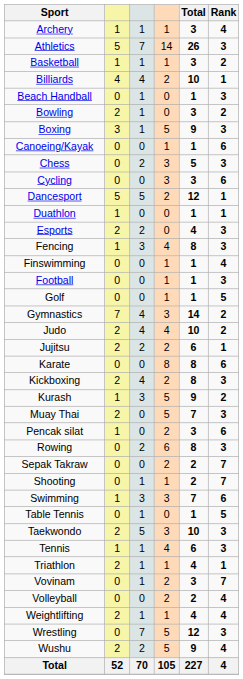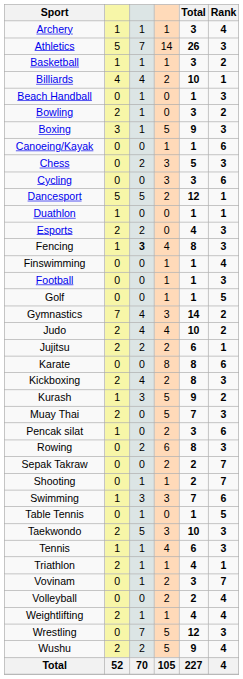 <table class="wikitable sortable" style="font-size:100%; text-align:center">
 <tr>
 <th width=145>Sport</th>
 <th scope="col" width=30 style="background:#F7F6A8;"></th>
 <th scope="col" width=30 style="background:#DCE5E5;"></th>
 <th scope="col" width=30 style="background:#FFDAB9;"></th>
 <th scope="col" width=30>Total</th>
 <th scope="col" width=30>Rank</th>
 </tr>
 <tr>
 <td> <a href='#'>Archery</a></td>
 <td style="background:#F7F6A8;">1</td>
 <td style="background:#DCE5E5;">1</td>
 <td style="background:#FFDAB9;">1</td>
 <td><strong>3</strong></td>
 <td><strong>4</strong></td>
 </tr>
 <tr>
 <td> <a href='#'>Athletics</a></td>
 <td style="background:#F7F6A8;">5</td>
 <td style="background:#DCE5E5;">7</td>
 <td style="background:#FFDAB9;">14</td>
 <td><strong>26</strong></td>
 <td><strong>3</strong></td>
 </tr>
 <tr>
 <td> <a href='#'>Basketball</a></td>
 <td style="background:#F7F6A8;">1</td>
 <td style="background:#DCE5E5;">1</td>
 <td style="background:#FFDAB9;">1</td>
 <td><strong>3</strong></td>
 <td><strong>2</strong></td>
 </tr>
 <tr>
 <td> <a href='#'>Billiards</a></td>
 <td style="background:#F7F6A8;">4</td>
 <td style="background:#DCE5E5;">4</td>
 <td style="background:#FFDAB9;">2</td>
 <td><strong>10</strong></td>
 <td><strong>1</strong></td>
 </tr>
 <tr>
 <td> <a href='#'>Beach Handball</a></td>
 <td style="background:#F7F6A8;">0</td>
 <td style="background:#DCE5E5;">1</td>
 <td style="background:#FFDAB9;">0</td>
 <td><strong>1</strong></td>
 <td><strong>3</strong></td>
 </tr>
 <tr>
 <td> <a href='#'>Bowling</a></td>
 <td style="background:#F7F6A8;">2</td>
 <td style="background:#DCE5E5;">1</td>
 <td style="background:#FFDAB9;">0</td>
 <td><strong>3</strong></td>
 <td><strong>2</strong></td>
 </tr>
 <tr>
 <td> <a href='#'>Boxing</a></td>
 <td style="background:#F7F6A8;">3</td>
 <td style="background:#DCE5E5;">1</td>
 <td style="background:#FFDAB9;">5</td>
 <td><strong>9</strong></td>
 <td><strong>3</strong></td>
 </tr>
 <tr>
 <td> <a href='#'>Canoeing/Kayak</a></td>
 <td style="background:#F7F6A8;">0</td>
 <td style="background:#DCE5E5;">0</td>
 <td style="background:#FFDAB9;">1</td>
 <td><strong>1</strong></td>
 <td><strong>6</strong></td>
 </tr>
 <tr>
 <td> <a href='#'>Chess</a></td>
 <td style="background:#F7F6A8;">0</td>
 <td style="background:#DCE5E5;">2</td>
 <td style="background:#FFDAB9;">3</td>
 <td><strong>5</strong></td>
 <td><strong>3</strong></td>
 </tr>
 <tr>
 <td> <a href='#'>Cycling</a></td>
 <td style="background:#F7F6A8;">0</td>
 <td style="background:#DCE5E5;">0</td>
 <td style="background:#FFDAB9;">3</td>
 <td><strong>3</strong></td>
 <td><strong>6</strong></td>
 </tr>
 <tr>
 <td> <a href='#'>Dancesport</a></td>
 <td style="background:#F7F6A8;">5</td>
 <td style="background:#DCE5E5;">5</td>
 <td style="background:#FFDAB9;">2</td>
 <td><strong>12</strong></td>
 <td><strong>1</strong></td>
 </tr>
 <tr>
 <td> <a href='#'>Duathlon</a></td>
 <td style="background:#F7F6A8;">1</td>
 <td style="background:#DCE5E5;">0</td>
 <td style="background:#FFDAB9;">0</td>
 <td><strong>1</strong></td>
 <td><strong>1</strong></td>
 </tr>
 <tr>
 <td> <a href='#'>Esports</a></td>
 <td style="background:#F7F6A8;">2</td>
 <td style="background:#DCE5E5;">2</td>
 <td style="background:#FFDAB9;">0</td>
 <td><strong>4</strong></td>
 <td><strong>3</strong></td>
 </tr>
 <tr>
 <td> Fencing</td>
 <td style="background:#F7F6A8;">1</td>
-<td style="background:#DCE5E5;">3</td>
+<td style="background:#DCE5E5;"><strong>3</strong></td>
 <td style="background:#FFDAB9;">4</td>
 <td><strong>8</strong></td>
 <td><strong>3</strong></td>
 </tr>
 <tr>
 <td> Finswimming</td>
 <td style="background:#F7F6A8;">0</td>
 <td style="background:#DCE5E5;">0</td>
 <td style="background:#FFDAB9;">1</td>
 <td><strong>1</strong></td>
 <td><strong>4</strong></td>
 </tr>
 <tr>
 <td> <a href='#'>Football</a></td>
 <td style="background:#F7F6A8;">0</td>
 <td style="background:#DCE5E5;">0</td>
 <td style="background:#FFDAB9;">1</td>
 <td><strong>1</strong></td>
 <td><strong>3</strong></td>
 </tr>
 <tr>
 <td> Golf</td>
 <td style="background:#F7F6A8;">0</td>
 <td style="background:#DCE5E5;">0</td>
 <td style="background:#FFDAB9;">1</td>
 <td><strong>1</strong></td>
 <td><strong>5</strong></td>
 </tr>
 <tr>
 <td> Gymnastics</td>
 <td style="background:#F7F6A8;">7</td>
 <td style="background:#DCE5E5;">4</td>
 <td style="background:#FFDAB9;">3</td>
 <td><strong>14</strong></td>
 <td><strong>2</strong></td>
 </tr>
 <tr>
 <td> Judo</td>
 <td style="background:#F7F6A8;">2</td>
 <td style="background:#DCE5E5;">4</td>
 <td style="background:#FFDAB9;">4</td>
 <td><strong>10</strong></td>
 <td><strong>2</strong></td>
 </tr>
 <tr>
 <td> Jujitsu</td>
 <td style="background:#F7F6A8;">2</td>
 <td style="background:#DCE5E5;">2</td>
 <td style="background:#FFDAB9;">2</td>
 <td><strong>6</strong></td>
 <td><strong>1</strong></td>
 </tr>
 <tr>
 <td> Karate</td>
 <td style="background:#F7F6A8;">0</td>
 <td style="background:#DCE5E5;">0</td>
 <td style="background:#FFDAB9;">8</td>
 <td><strong>8</strong></td>
 <td><strong>6</strong></td>
 </tr>
 <tr>
 <td> Kickboxing</td>
 <td style="background:#F7F6A8;">2</td>
 <td style="background:#DCE5E5;">4</td>
 <td style="background:#FFDAB9;">2</td>
 <td><strong>8</strong></td>
 <td><strong>3</strong></td>
 </tr>
 <tr>
 <td> Kurash</td>
 <td style="background:#F7F6A8;">1</td>
 <td style="background:#DCE5E5;">3</td>
 <td style="background:#FFDAB9;">5</td>
 <td><strong>9</strong></td>
 <td><strong>2</strong></td>
 </tr>
 <tr>
 <td> Muay Thai</td>
 <td style="background:#F7F6A8;">2</td>
 <td style="background:#DCE5E5;">0</td>
 <td style="background:#FFDAB9;">5</td>
 <td><strong>7</strong></td>
 <td><strong>3</strong></td>
 </tr>
 <tr>
 <td> Pencak silat</td>
 <td style="background:#F7F6A8;">1</td>
 <td style="background:#DCE5E5;">0</td>
 <td style="background:#FFDAB9;">2</td>
 <td><strong>3</strong></td>
 <td><strong>6</strong></td>
 </tr>
 <tr>
 <td> Rowing</td>
 <td style="background:#F7F6A8;">0</td>
 <td style="background:#DCE5E5;">2</td>
 <td style="background:#FFDAB9;">6</td>
 <td><strong>8</strong></td>
 <td><strong>3</strong></td>
 </tr>
 <tr>
 <td> Sepak Takraw</td>
 <td style="background:#F7F6A8;">0</td>
 <td style="background:#DCE5E5;">0</td>
 <td style="background:#FFDAB9;">2</td>
 <td><strong>2</strong></td>
 <td><strong>7</strong></td>
 </tr>
 <tr>
 <td> Shooting</td>
 <td style="background:#F7F6A8;">0</td>
 <td style="background:#DCE5E5;">1</td>
 <td style="background:#FFDAB9;">1</td>
 <td><strong>2</strong></td>
 <td><strong>7</strong></td>
 </tr>
 <tr>
 <td> Swimming</td>
 <td style="background:#F7F6A8;">1</td>
 <td style="background:#DCE5E5;">3</td>
 <td style="background:#FFDAB9;">3</td>
 <td><strong>7</strong></td>
 <td><strong>6</strong></td>
 </tr>
 <tr>
 <td> Table Tennis</td>
 <td style="background:#F7F6A8;">0</td>
 <td style="background:#DCE5E5;">1</td>
 <td style="background:#FFDAB9;">0</td>
 <td><strong>1</strong></td>
 <td><strong>5</strong></td>
 </tr>
 <tr>
 <td> Taekwondo</td>
 <td style="background:#F7F6A8;">2</td>
 <td style="background:#DCE5E5;">5</td>
 <td style="background:#FFDAB9;">3</td>
 <td><strong>10</strong></td>
 <td><strong>3</strong></td>
 </tr>
 <tr>
 <td> Tennis</td>
 <td style="background:#F7F6A8;">1</td>
 <td style="background:#DCE5E5;">1</td>
 <td style="background:#FFDAB9;">4</td>
 <td><strong>6</strong></td>
 <td><strong>3</strong></td>
 </tr>
 <tr>
 <td> Triathlon</td>
 <td style="background:#F7F6A8;">2</td>
 <td style="background:#DCE5E5;">1</td>
 <td style="background:#FFDAB9;">1</td>
 <td><strong>4</strong></td>
 <td><strong>1</strong></td>
 </tr>
 <tr>
 <td> Vovinam</td>
 <td style="background:#F7F6A8;">0</td>
 <td style="background:#DCE5E5;">1</td>
 <td style="background:#FFDAB9;">2</td>
 <td><strong>3</strong></td>
 <td><strong>7</strong></td>
 </tr>
 <tr>
 <td> Volleyball</td>
 <td style="background:#F7F6A8;">0</td>
 <td style="background:#DCE5E5;">0</td>
 <td style="background:#FFDAB9;">2</td>
 <td><strong>2</strong></td>
 <td><strong>4</strong></td>
 </tr>
 <tr>
 <td> Weightlifting</td>
 <td style="background:#F7F6A8;">2</td>
 <td style="background:#DCE5E5;">1</td>
 <td style="background:#FFDAB9;">1</td>
 <td><strong>4</strong></td>
 <td><strong>4</strong></td>
 </tr>
 <tr>
 <td> Wrestling</td>
 <td style="background:#F7F6A8;">0</td>
 <td style="background:#DCE5E5;">7</td>
 <td style="background:#FFDAB9;">5</td>
 <td><strong>12</strong></td>
 <td><strong>3</strong></td>
 </tr>
 <tr>
 <td> Wushu</td>
 <td style="background:#F7F6A8;">2</td>
 <td style="background:#DCE5E5;">2</td>
 <td style="background:#FFDAB9;">5</td>
 <td><strong>9</strong></td>
 <td><strong>4</strong></td>
 </tr>
 <tr>
 <th colspan="1">Total</th>
 <th>52</th>
 <th>70</th>
 <th>105</th>
 <th>227</th>
 <th>4</th>
 </tr>
 <tr>
 </tr>
 </table>
